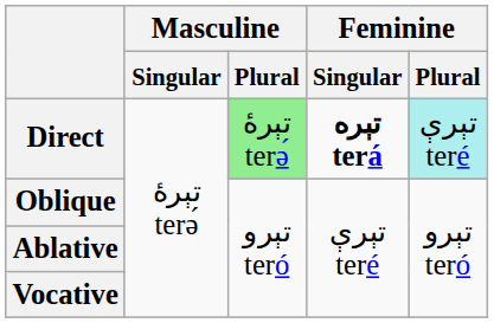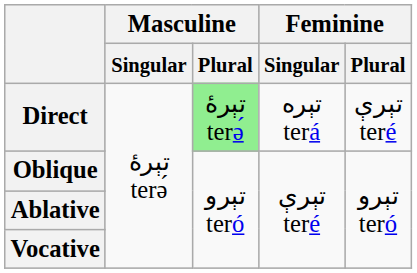 <table class="wikitable" style="text-align: center">
 <tr>
 <th rowspan="2"></th>
 <th colspan="2">Masculine</th>
 <th colspan="2">Feminine</th>
 </tr>
 <tr>
 <th style="border-right;"><small>Singular</small></th>
 <th style="border-left;"><small>Plural</small></th>
 <th style="border-right;"><small>Singular</small></th>
 <th style="border-left;"><small>Plural</small></th>
 </tr>
 <tr>
 <th>Direct</th>
 <td rowspan="4">تېرۀ<br>terə́</td>
 <td style="background: lightgreen;">تېرۀ<br>ter<a href='#'>ə́</a></td>
-<td><strong>تېره<br>ter<a href='#'>á</a></strong></td>
-<td style="background: paleturquoise;">تېرې<br>ter<a href='#'>é</a></td>
+<td>تېره<br>ter<a href='#'>á</a></td>
+<td>تېرې<br>ter<a href='#'>é</a></td>
 </tr>
 <tr>
 <th>Oblique</th>
 <td rowspan="3">تېرو<br>ter<a href='#'>ó</a></td>
 <td rowspan="3">تېرې<br>ter<a href='#'>é</a></td>
 <td rowspan="3">تېرو<br>ter<a href='#'>ó</a></td>
 </tr>
 <tr>
 <th>Ablative</th>
 </tr>
 <tr>
 <th>Vocative</th>
 </tr>
 </table>
